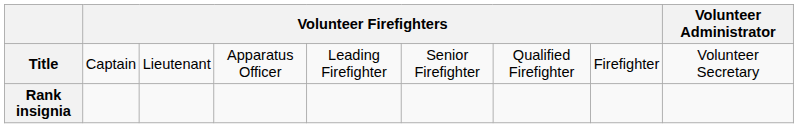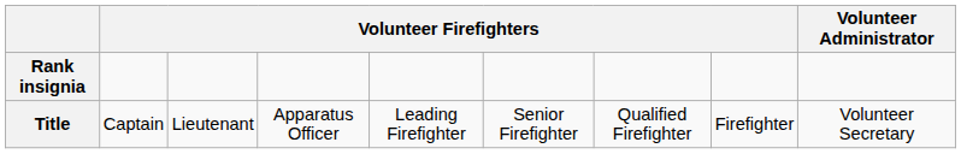 <table class="wikitable">
 <tr>
 <th></th>
 <th colspan=7>Volunteer Firefighters</th>
 <th colspan=1>Volunteer Administrator</th>
+</tr>
+<tr style="text-align:center;">
+<th>Rank insignia</th>
+<td></td>
+<td></td>
+<td></td>
+<td></td>
+<td></td>
+<td></td>
+<td></td>
+<td></td>
 </tr>
 <tr style="text-align:center;">
 <th>Title</th>
 <td>Captain</td>
 <td>Lieutenant</td>
 <td>Apparatus Officer</td>
 <td>Leading Firefighter</td>
 <td>Senior Firefighter</td>
 <td>Qualified Firefighter</td>
 <td>Firefighter</td>
 <td>Volunteer Secretary</td>
 </tr>
-<tr style="text-align:center;">
-<th>Rank insignia</th>
-<td></td>
-<td></td>
-<td></td>
-<td></td>
-<td></td>
-<td></td>
-<td></td>
-<td></td>
-</tr>
 </table>
